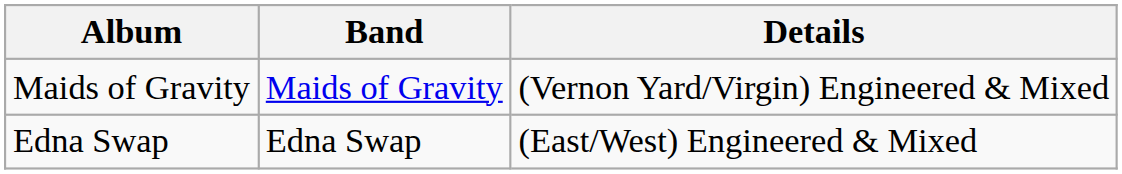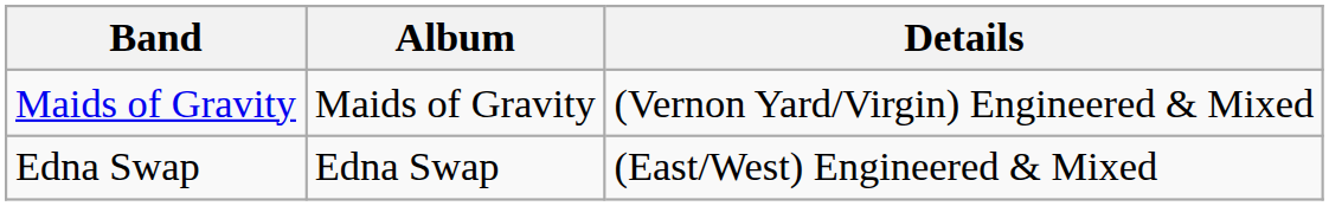 <table class="wikitable" border="1">
 <tr>
+<th>Band</th>
 <th>Album</th>
-<th>Band</th>
 <th>Details</th>
 </tr>
 <tr>
+<td><a href='#'>Maids of Gravity</a></td>
 <td>Maids of Gravity</td>
-<td><a href='#'>Maids of Gravity</a></td>
 <td>(Vernon Yard/Virgin) Engineered & Mixed</td>
 </tr>
 <tr>
 <td>Edna Swap</td>
 <td>Edna Swap</td>
 <td>(East/West) Engineered & Mixed</td>
 </tr>
 </table>
